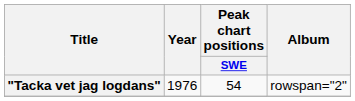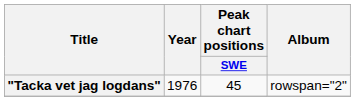 <table class="wikitable plainrowheaders" style="text-align:center;">
 <tr>
 <th scope="col" rowspan="2">Title</th>
 <th scope="col" rowspan="2">Year</th>
 <th scope="col" colspan="1">Peak chart positions</th>
 <th scope="col" rowspan="2">Album</th>
 </tr>
 <tr>
 <th scope="col" style="width:3em;font-size:85%;"><a href='#'>SWE</a></th>
 </tr>
 <tr>
 <th scope="row">"Tacka vet jag logdans"</th>
 <td>1976</td>
-<td>54</td>
+<td>45</td>
 <td>rowspan="2" </td>
 </tr>
 <tr>
 </tr>
 </table>
